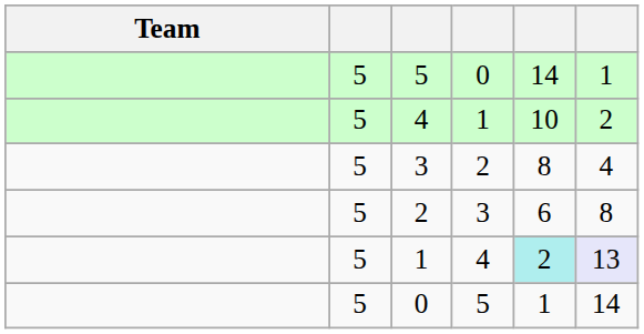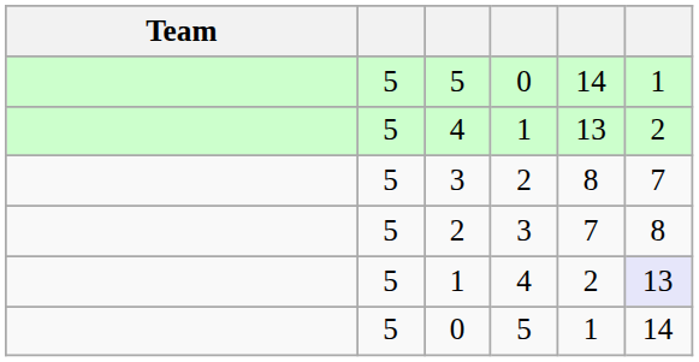 <table class="wikitable" style="text-align: center; font-size:90% ">
 <tr>
 <th width=160>Team</th>
 <th width=25></th>
 <th width=25></th>
 <th width=25></th>
 <th width=25></th>
 <th width=25></th>
 </tr>
 <tr bgcolor=ccffcc>
 <td align=left></td>
 <td>5</td>
 <td>5</td>
 <td>0</td>
 <td>14</td>
 <td>1</td>
 </tr>
 <tr bgcolor=ccffcc>
 <td align=left></td>
 <td>5</td>
 <td>4</td>
 <td>1</td>
-<td>10</td>
+<td>13</td>
 <td>2</td>
 </tr>
 <tr>
 <td align=left></td>
 <td>5</td>
 <td>3</td>
 <td>2</td>
 <td>8</td>
-<td>4</td>
+<td>7</td>
 </tr>
 <tr>
 <td align=left></td>
 <td>5</td>
 <td>2</td>
 <td>3</td>
-<td>6</td>
+<td>7</td>
 <td>8</td>
 </tr>
 <tr>
 <td align=left></td>
 <td>5</td>
 <td>1</td>
 <td>4</td>
-<td style="background: paleturquoise;">2</td>
+<td>2</td>
 <td style="background: lavender;">13</td>
 </tr>
 <tr>
 <td align=left></td>
 <td>5</td>
 <td>0</td>
 <td>5</td>
 <td>1</td>
 <td>14</td>
 </tr>
 </table>
